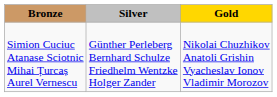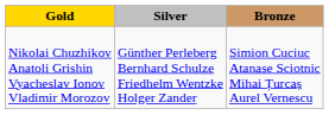 <table class=wikitable>
 <tr>
+<td align=center bgcolor=gold> <strong>Gold</strong></td>
+<td align=center bgcolor=silver> <strong>Silver</strong></td>
 <td align=center bgcolor=cc9966> <strong>Bronze</strong></td>
-<td align=center bgcolor=silver> <strong>Silver</strong></td>
-<td align=center bgcolor=gold> <strong>Gold</strong></td>
 </tr>
 <tr>
+<td><br><a href='#'>Nikolai Chuzhikov</a><br><a href='#'>Anatoli Grishin</a><br><a href='#'>Vyacheslav Ionov</a><br><a href='#'>Vladimir Morozov</a></td>
+<td><br><a href='#'>Günther Perleberg</a><br><a href='#'>Bernhard Schulze</a><br><a href='#'>Friedhelm Wentzke</a><br><a href='#'>Holger Zander</a></td>
 <td><br><a href='#'>Simion Cuciuc</a><br><a href='#'>Atanase Sciotnic</a><br><a href='#'>Mihai Țurcaș</a><br><a href='#'>Aurel Vernescu</a></td>
-<td><br><a href='#'>Günther Perleberg</a><br><a href='#'>Bernhard Schulze</a><br><a href='#'>Friedhelm Wentzke</a><br><a href='#'>Holger Zander</a></td>
-<td><br><a href='#'>Nikolai Chuzhikov</a><br><a href='#'>Anatoli Grishin</a><br><a href='#'>Vyacheslav Ionov</a><br><a href='#'>Vladimir Morozov</a></td>
 </tr>
 </table>
